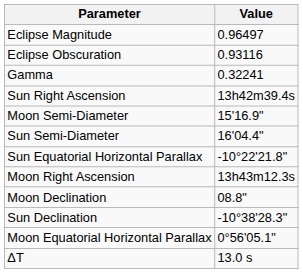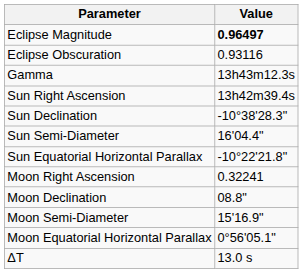 <table class="wikitable">
 <tr>
 <th>Parameter</th>
 <th>Value</th>
 </tr>
 <tr>
 <td>Eclipse Magnitude</td>
-<td>0.96497</td>
+<td><strong>0.96497</strong></td>
 </tr>
 <tr>
 <td>Eclipse Obscuration</td>
 <td>0.93116</td>
 </tr>
 <tr>
 <td>Gamma</td>
-<td>0.32241</td>
+<td>13h43m12.3s</td>
 </tr>
 <tr>
 <td>Sun Right Ascension</td>
 <td>13h42m39.4s</td>
 </tr>
 <tr>
-<td>Moon Semi-Diameter</td>
-<td>15'16.9"</td>
+<td>Sun Declination</td>
+<td>-10°38'28.3"</td>
 </tr>
 <tr>
 <td>Sun Semi-Diameter</td>
 <td>16'04.4"</td>
 </tr>
 <tr>
 <td>Sun Equatorial Horizontal Parallax</td>
 <td>-10°22'21.8"</td>
 </tr>
 <tr>
 <td>Moon Right Ascension</td>
-<td>13h43m12.3s</td>
+<td>0.32241</td>
 </tr>
 <tr>
 <td>Moon Declination</td>
 <td>08.8"</td>
 </tr>
 <tr>
-<td>Sun Declination</td>
-<td>-10°38'28.3"</td>
+<td>Moon Semi-Diameter</td>
+<td>15'16.9"</td>
 </tr>
 <tr>
 <td>Moon Equatorial Horizontal Parallax</td>
 <td>0°56'05.1"</td>
 </tr>
 <tr>
 <td>ΔT</td>
 <td>13.0 s</td>
 </tr>
 </table>
